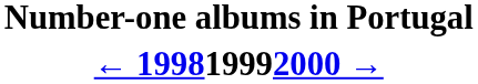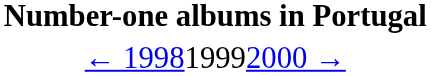 <table class="toc" id="toc" summary="Contents">
 <tr>
 <th>Number-one albums in Portugal</th>
 </tr>
 <tr>
-<td align="center"><strong><a href='#'>← 1998</a>1999<a href='#'>2000 →</a></strong></td>
+<td align="center"><a href='#'>← 1998</a>1999<a href='#'>2000 →</a></td>
 </tr>
 </table>
